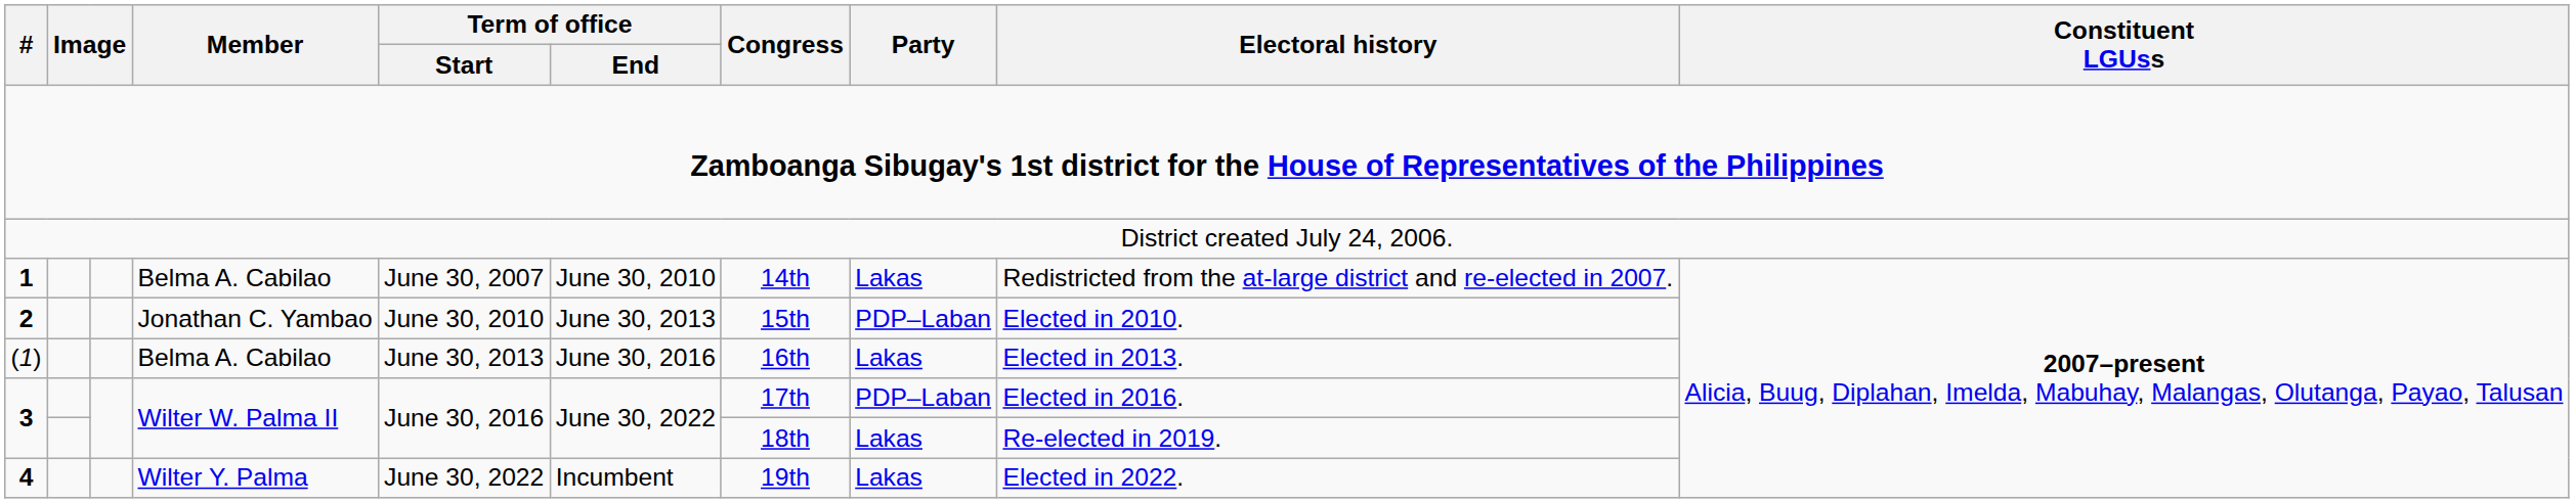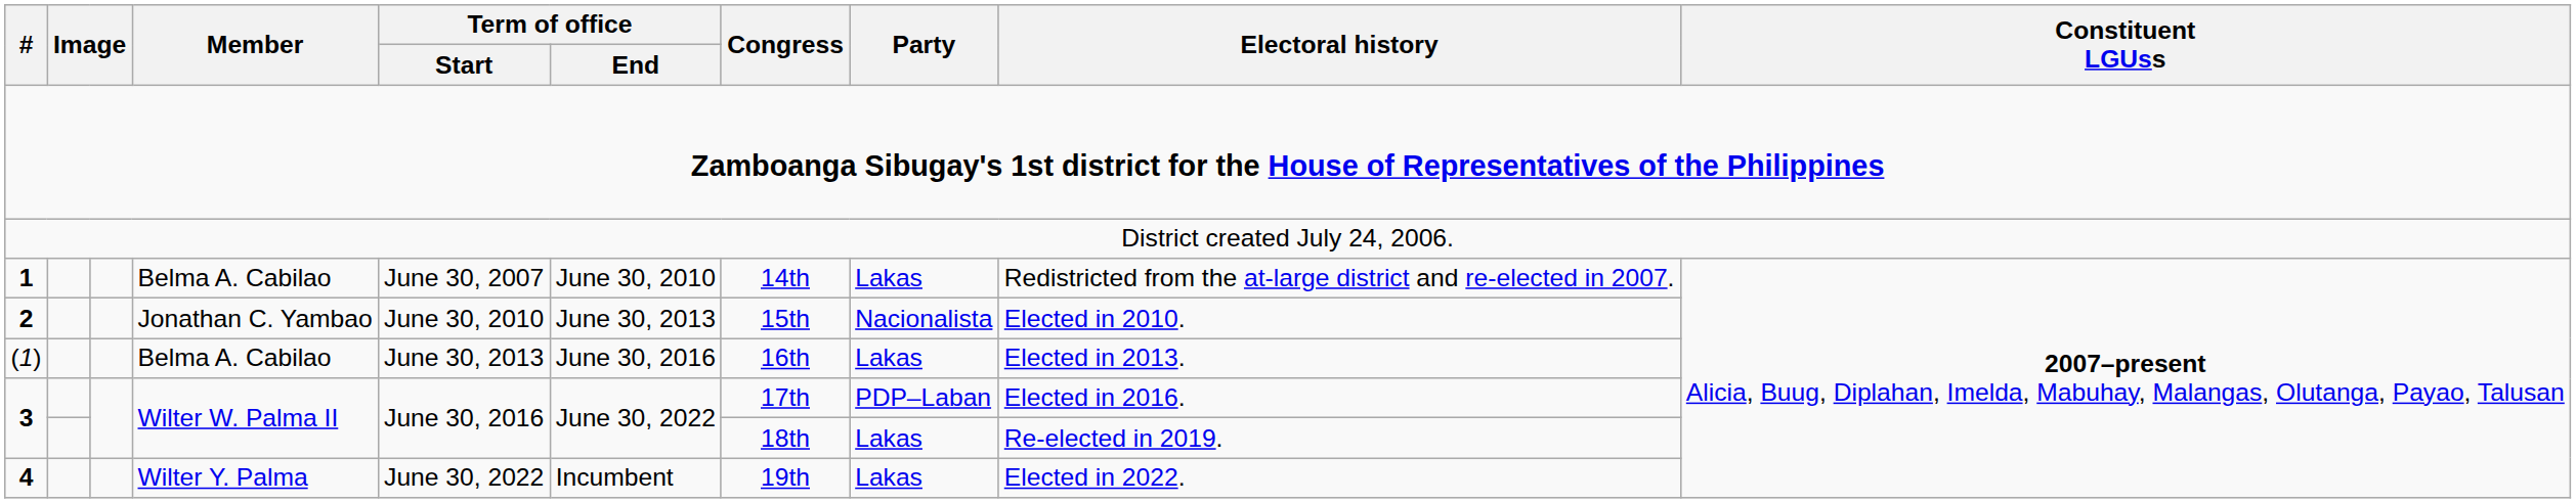 <table class=wikitable>
 <tr>
 <th rowspan="2">#</th>
 <th rowspan="2" colspan=2>Image</th>
 <th rowspan="2">Member</th>
 <th colspan=2>Term of office</th>
 <th rowspan="2">Congress</th>
 <th rowspan="2">Party</th>
 <th rowspan="2">Electoral history</th>
 <th rowspan="2">Constituent<br><a href='#'>LGUs</a>s</th>
 </tr>
 <tr>
 <th>Start</th>
 <th>End</th>
 </tr>
 <tr>
 <td colspan="10" style="text-align:center;"><br><h3>Zamboanga Sibugay's 1st district for the <a href='#'>House of Representatives of the Philippines</a></h3></td>
 </tr>
 <tr>
 <td colspan="10" style="text-align:center;">District created July 24, 2006.</td>
 </tr>
 <tr>
 <td style="text-align:center;"><strong>1</strong></td>
 <td style="color:inherit;background:"></td>
 <td></td>
 <td>Belma A. Cabilao</td>
 <td>June 30, 2007</td>
 <td>June 30, 2010</td>
 <td style="text-align:center;"><a href='#'>14th</a></td>
 <td><a href='#'>Lakas</a></td>
 <td>Redistricted from the <a href='#'>at-large district</a> and <a href='#'>re-elected in 2007</a>.</td>
 <td rowspan="6" style="text-align:center;"><strong>2007–present</strong><br><a href='#'>Alicia</a>, <a href='#'>Buug</a>, <a href='#'>Diplahan</a>, <a href='#'>Imelda</a>, <a href='#'>Mabuhay</a>, <a href='#'>Malangas</a>, <a href='#'>Olutanga</a>, <a href='#'>Payao</a>, <a href='#'>Talusan</a></td>
 </tr>
 <tr>
 <td style="text-align:center;"><strong>2</strong></td>
 <td style="color:inherit;background:"></td>
 <td></td>
 <td>Jonathan C. Yambao</td>
 <td>June 30, 2010</td>
 <td>June 30, 2013</td>
 <td style="text-align:center;"><a href='#'>15th</a></td>
-<td><a href='#'>PDP–Laban</a></td>
+<td><a href='#'>Nacionalista</a></td>
 <td><a href='#'>Elected in 2010</a>.</td>
 </tr>
 <tr>
 <td style="text-align:center;">(<em>1</em>)</td>
 <td style="color:inherit;background:"></td>
 <td></td>
 <td>Belma A. Cabilao</td>
 <td>June 30, 2013</td>
 <td>June 30, 2016</td>
 <td style="text-align:center;"><a href='#'>16th</a></td>
 <td><a href='#'>Lakas</a></td>
 <td><a href='#'>Elected in 2013</a>.</td>
 </tr>
 <tr>
 <td rowspan="2" style="text-align:center;"><strong>3</strong></td>
 <td style="color:inherit;background:"></td>
 <td rowspan="2"></td>
 <td rowspan="2"><a href='#'>Wilter W. Palma II</a></td>
 <td rowspan="2">June 30, 2016</td>
 <td rowspan="2">June 30, 2022</td>
 <td style="text-align:center;"><a href='#'>17th</a></td>
 <td><a href='#'>PDP–Laban</a></td>
 <td><a href='#'>Elected in 2016</a>.</td>
 </tr>
 <tr>
 <td style="color:inherit;background:"></td>
 <td style="text-align:center;"><a href='#'>18th</a></td>
 <td><a href='#'>Lakas</a></td>
 <td><a href='#'>Re-elected in 2019</a>.</td>
 </tr>
 <tr>
 <td style="text-align:center;"><strong>4</strong></td>
 <td style="color:inherit;background:"></td>
 <td></td>
 <td><a href='#'>Wilter Y. Palma</a></td>
 <td>June 30, 2022</td>
 <td>Incumbent<br></td>
 <td style="text-align:center;"><a href='#'>19th</a></td>
 <td><a href='#'>Lakas</a></td>
 <td><a href='#'>Elected in 2022</a>.</td>
 </tr>
 </table>
